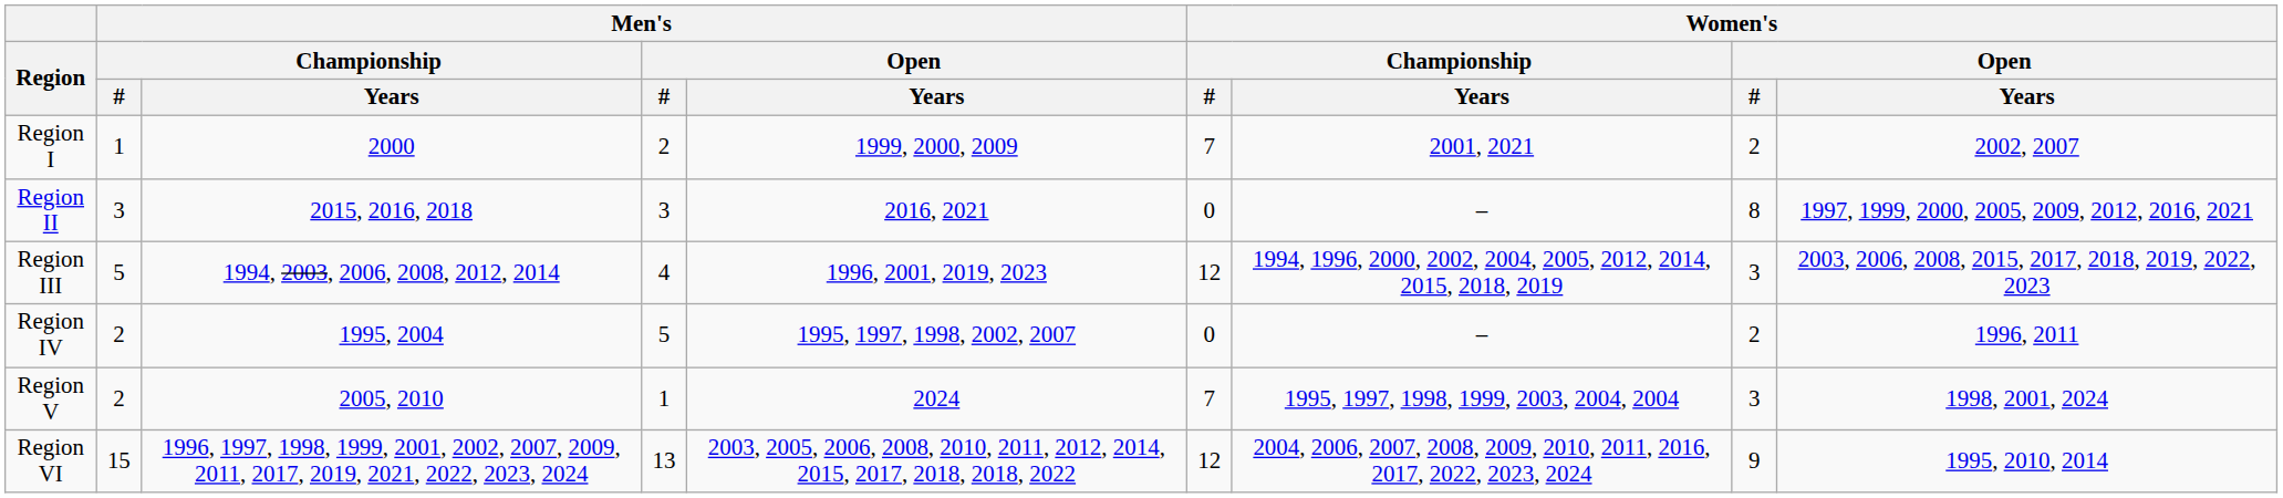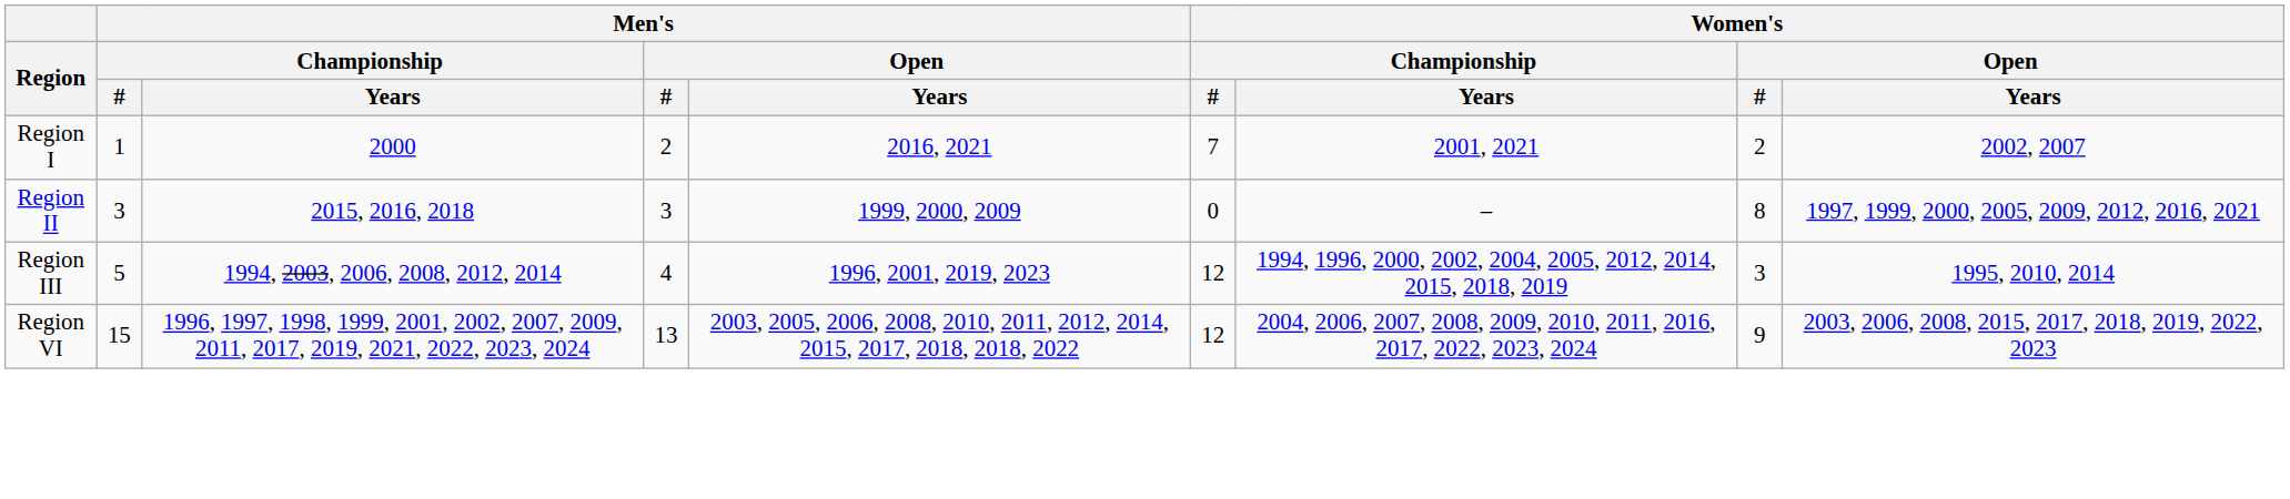 <table class="wikitable" style="text-align:center;style=width:100%">
 <tr>
 <th></th>
 <th colspan="4">Men's</th>
 <th colspan="4">Women's</th>
 </tr>
 <tr>
 <th rowspan="2">Region</th>
 <th colspan="2">Championship</th>
 <th colspan="2">Open</th>
 <th colspan="2">Championship</th>
 <th colspan="2">Open</th>
 </tr>
 <tr>
 <th style=width:2%>#</th>
 <th style=width:22%>Years</th>
 <th style=width:2%>#</th>
 <th style=width:22%>Years</th>
 <th style=width:2%>#</th>
 <th style=width:22%>Years</th>
 <th style=width:2%>#</th>
 <th style=width:22%>Years</th>
 </tr>
 <tr>
 <td>Region I</td>
 <td>1</td>
 <td><a href='#'>2000</a></td>
 <td>2</td>
-<td><a href='#'>1999</a>, <a href='#'>2000</a>, <a href='#'>2009</a></td>
+<td><a href='#'>2016</a>, <a href='#'>2021</a></td>
 <td>7</td>
 <td><a href='#'>2001</a>, <a href='#'>2021</a></td>
 <td>2</td>
 <td><a href='#'>2002</a>, <a href='#'>2007</a></td>
 </tr>
 <tr>
 <td><a href='#'>Region II</a></td>
 <td>3</td>
 <td><a href='#'>2015</a>, <a href='#'>2016</a>, <a href='#'>2018</a></td>
 <td>3</td>
-<td><a href='#'>2016</a>, <a href='#'>2021</a></td>
+<td><a href='#'>1999</a>, <a href='#'>2000</a>, <a href='#'>2009</a></td>
 <td>0</td>
 <td>–</td>
 <td>8</td>
 <td><a href='#'>1997</a>, <a href='#'>1999</a>, <a href='#'>2000</a>, <a href='#'>2005</a>, <a href='#'>2009</a>, <a href='#'>2012</a>, <a href='#'>2016</a>, <a href='#'>2021</a></td>
 </tr>
 <tr>
 <td>Region III</td>
 <td>5</td>
 <td><a href='#'>1994</a>, <s><a href='#'>2003</a></s>, <a href='#'>2006</a>, <a href='#'>2008</a>, <a href='#'>2012</a>, <a href='#'>2014</a></td>
 <td>4</td>
 <td><a href='#'>1996</a>, <a href='#'>2001</a>, <a href='#'>2019</a>, <a href='#'>2023</a></td>
 <td>12</td>
 <td><a href='#'>1994</a>, <a href='#'>1996</a>, <a href='#'>2000</a>, <a href='#'>2002</a>, <a href='#'>2004</a>, <a href='#'>2005</a>, <a href='#'>2012</a>, <a href='#'>2014</a>, <a href='#'>2015</a>, <a href='#'>2018</a>, <a href='#'>2019</a></td>
 <td>3</td>
-<td><a href='#'>2003</a>, <a href='#'>2006</a>, <a href='#'>2008</a>, <a href='#'>2015</a>, <a href='#'>2017</a>, <a href='#'>2018</a>, <a href='#'>2019</a>, <a href='#'>2022</a>, <a href='#'>2023</a></td>
-</tr>
-<tr>
-<td>Region IV</td>
-<td>2</td>
-<td><a href='#'>1995</a>, <a href='#'>2004</a></td>
-<td>5</td>
-<td><a href='#'>1995</a>, <a href='#'>1997</a>, <a href='#'>1998</a>, <a href='#'>2002</a>, <a href='#'>2007</a></td>
-<td>0</td>
-<td>–</td>
-<td>2</td>
-<td><a href='#'>1996</a>, <a href='#'>2011</a></td>
-</tr>
-<tr>
-<td>Region V</td>
-<td>2</td>
-<td><a href='#'>2005</a>, <a href='#'>2010</a></td>
-<td>1</td>
-<td><a href='#'>2024</a></td>
-<td>7</td>
-<td><a href='#'>1995</a>, <a href='#'>1997</a>, <a href='#'>1998</a>, <a href='#'>1999</a>, <a href='#'>2003</a>, <a href='#'>2004</a>, <a href='#'>2004</a></td>
-<td>3</td>
-<td><a href='#'>1998</a>, <a href='#'>2001</a>, <a href='#'>2024</a></td>
+<td><a href='#'>1995</a>, <a href='#'>2010</a>, <a href='#'>2014</a></td>
 </tr>
 <tr>
 <td>Region VI</td>
 <td>15</td>
 <td><a href='#'>1996</a>, <a href='#'>1997</a>, <a href='#'>1998</a>, <a href='#'>1999</a>, <a href='#'>2001</a>, <a href='#'>2002</a>, <a href='#'>2007</a>, <a href='#'>2009</a>, <a href='#'>2011</a>, <a href='#'>2017</a>, <a href='#'>2019</a>, <a href='#'>2021</a>, <a href='#'>2022</a>, <a href='#'>2023</a>, <a href='#'>2024</a></td>
 <td>13</td>
 <td><a href='#'>2003</a>, <a href='#'>2005</a>, <a href='#'>2006</a>, <a href='#'>2008</a>, <a href='#'>2010</a>, <a href='#'>2011</a>, <a href='#'>2012</a>, <a href='#'>2014</a>, <a href='#'>2015</a>, <a href='#'>2017</a>, <a href='#'>2018</a>, <a href='#'>2018</a>, <a href='#'>2022</a></td>
 <td>12</td>
 <td><a href='#'>2004</a>, <a href='#'>2006</a>, <a href='#'>2007</a>, <a href='#'>2008</a>, <a href='#'>2009</a>, <a href='#'>2010</a>, <a href='#'>2011</a>, <a href='#'>2016</a>, <a href='#'>2017</a>, <a href='#'>2022</a>, <a href='#'>2023</a>, <a href='#'>2024</a></td>
 <td>9</td>
-<td><a href='#'>1995</a>, <a href='#'>2010</a>, <a href='#'>2014</a></td>
+<td><a href='#'>2003</a>, <a href='#'>2006</a>, <a href='#'>2008</a>, <a href='#'>2015</a>, <a href='#'>2017</a>, <a href='#'>2018</a>, <a href='#'>2019</a>, <a href='#'>2022</a>, <a href='#'>2023</a></td>
 </tr>
 </table>
